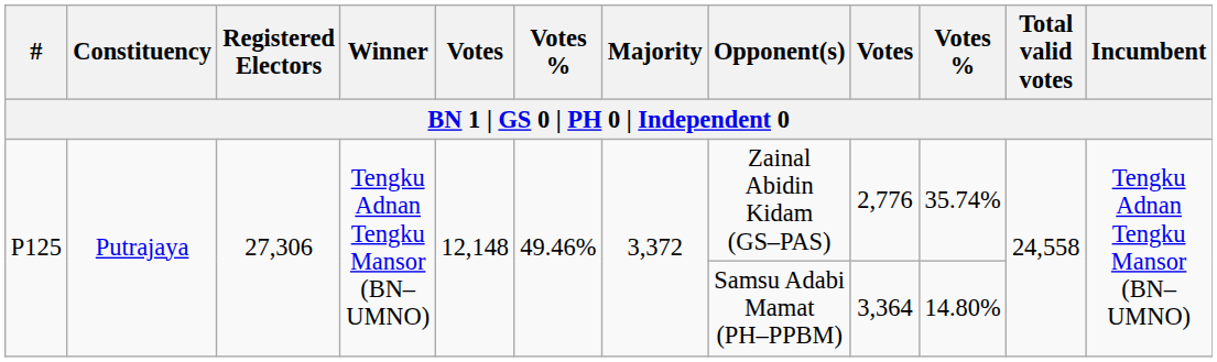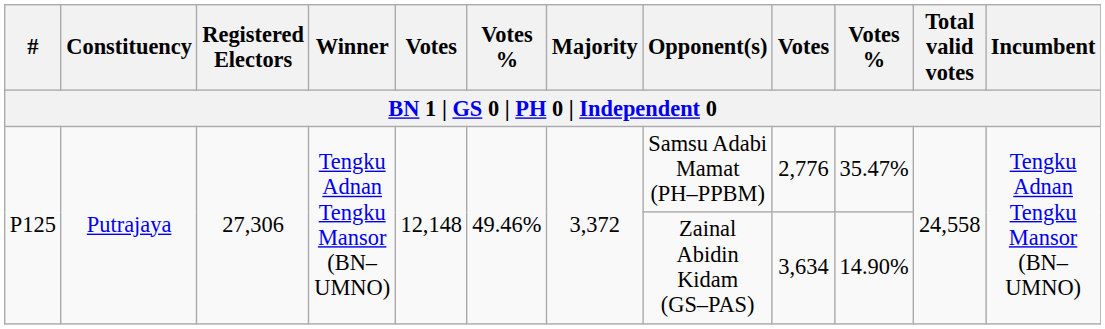 <table class="wikitable sortable" style">
 <tr>
 <th>#</th>
 <th>Constituency</th>
 <th>Registered Electors</th>
 <th>Winner</th>
 <th>Votes</th>
 <th>Votes %</th>
 <th>Majority</th>
 <th>Opponent(s)</th>
 <th>Votes</th>
 <th>Votes %</th>
 <th>Total valid votes</th>
 <th>Incumbent</th>
 </tr>
 <tr>
 <th colspan="13"><a href='#'>BN</a> <strong>1</strong> | <a href='#'>GS</a> <strong>0</strong> | <a href='#'>PH</a> <strong>0</strong> | <a href='#'>Independent</a> <strong>0</strong></th>
 </tr>
 <tr align="center">
 <td rowspan=2>P125</td>
 <td rowspan=2><a href='#'>Putrajaya</a></td>
 <td rowspan=2>27,306</td>
 <td rowspan=2><a href='#'>Tengku Adnan Tengku Mansor</a><br>(BN–UMNO)</td>
 <td rowspan=2>12,148</td>
 <td rowspan=2>49.46%</td>
 <td rowspan=2>3,372</td>
-<td>Zainal Abidin Kidam<br>(GS–PAS)</td>
+<td>Samsu Adabi Mamat<br>(PH–PPBM)</td>
 <td>2,776</td>
-<td>35.74%</td>
+<td>35.47%</td>
 <td rowspan=2>24,558</td>
 <td rowspan=2><a href='#'>Tengku Adnan Tengku Mansor</a><br>(BN–UMNO)</td>
 </tr>
 <tr align="center">
-<td>Samsu Adabi Mamat<br>(PH–PPBM)</td>
-<td>3,364</td>
-<td>14.80%</td>
+<td>Zainal Abidin Kidam<br>(GS–PAS)</td>
+<td>3,634</td>
+<td>14.90%</td>
 </tr>
 </table>
